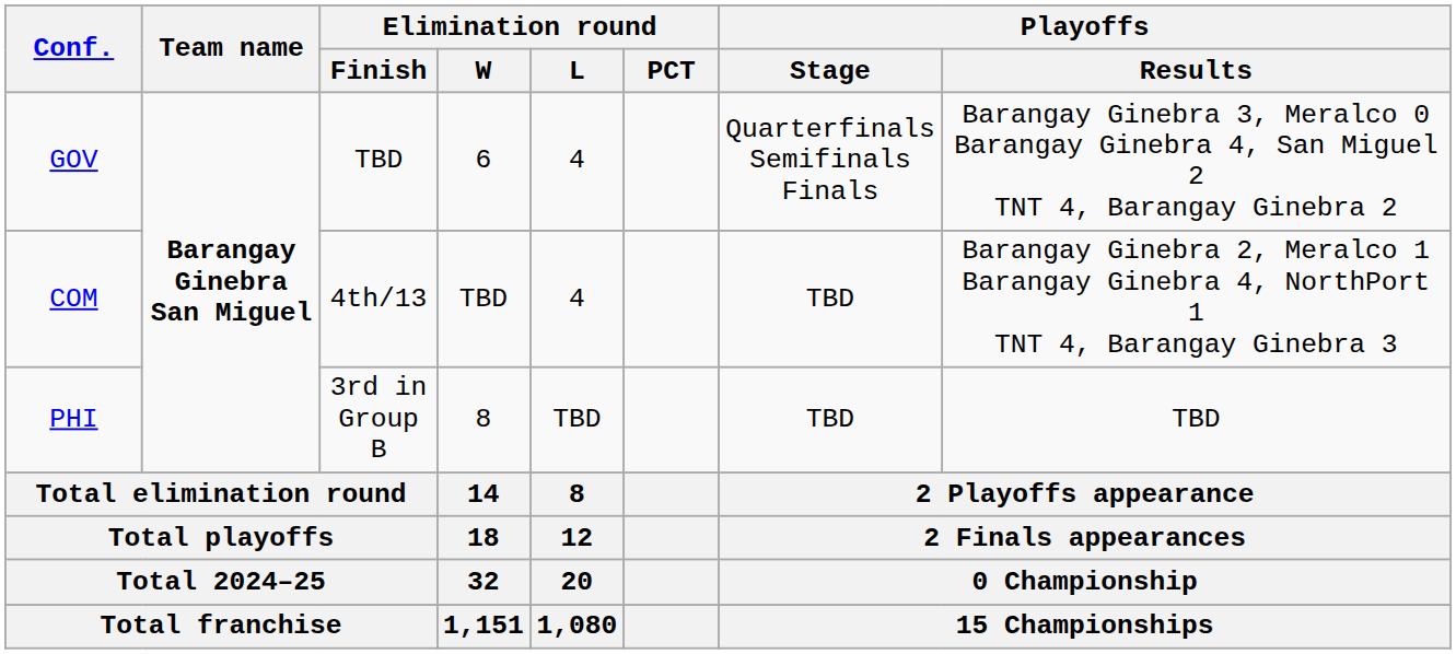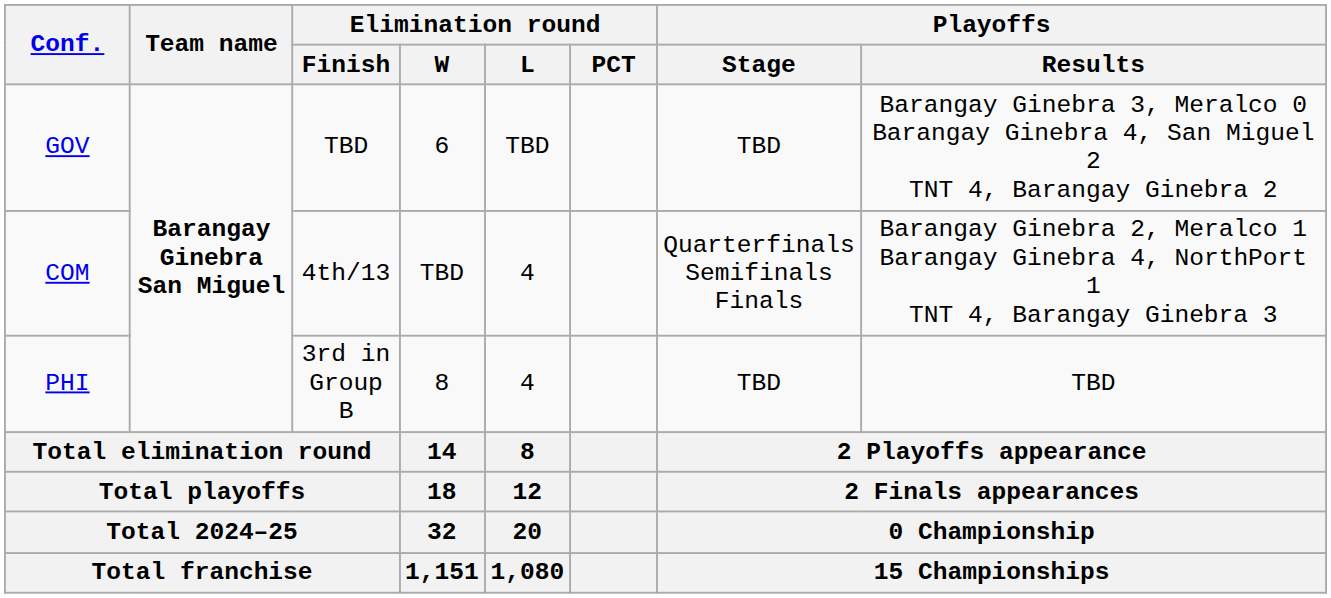 <table class=wikitable style="text-align:center;">
 <tr>
 <th style="width:60px;" rowspan="2"><a href='#'>Conf.</a></th>
 <th style="width:80px;" rowspan="2">Team name</th>
 <th colspan=4>Elimination round</th>
 <th colspan=2>Playoffs</th>
 </tr>
 <tr>
 <th width=50px>Finish</th>
 <th width=30px>W</th>
 <th width=30px>L</th>
 <th width=40px>PCT</th>
 <th style="width:100px;">Stage</th>
 <th style="width:240px;">Results</th>
 </tr>
 <tr>
 <td><a href='#'>GOV</a></td>
 <td rowspan=3><strong>Barangay Ginebra San Miguel</strong></td>
 <td>TBD</td>
 <td>6</td>
-<td>4</td>
+<td>TBD</td>
 <td></td>
-<td>Quarterfinals<br>Semifinals<br>Finals</td>
+<td>TBD</td>
 <td>Barangay Ginebra 3, Meralco 0<br>Barangay Ginebra 4, San Miguel 2<br>TNT 4, Barangay Ginebra 2</td>
 </tr>
 <tr>
 <td><a href='#'>COM</a></td>
 <td>4th/13</td>
 <td>TBD</td>
 <td>4</td>
 <td></td>
-<td>TBD</td>
+<td>Quarterfinals<br>Semifinals<br>Finals</td>
 <td>Barangay Ginebra 2, Meralco 1<br>Barangay Ginebra 4, NorthPort 1<br>TNT 4, Barangay Ginebra 3</td>
 </tr>
 <tr>
 <td><a href='#'>PHI</a></td>
 <td>3rd in Group B</td>
 <td>8</td>
-<td>TBD</td>
+<td>4</td>
 <td></td>
 <td>TBD</td>
 <td>TBD</td>
 </tr>
 <tr>
 <th colspan=3>Total elimination round</th>
 <th>14</th>
 <th>8</th>
 <th></th>
 <th colspan=2>2 Playoffs appearance</th>
 </tr>
 <tr>
 <th colspan=3>Total playoffs</th>
 <th>18</th>
 <th>12</th>
 <th></th>
 <th colspan=2>2 Finals appearances</th>
 </tr>
 <tr>
 <th colspan=3>Total 2024–25</th>
 <th>32</th>
 <th>20</th>
 <th></th>
 <th colspan=2>0 Championship</th>
 </tr>
 <tr>
 <th colspan=3>Total franchise</th>
 <th>1,151</th>
 <th>1,080</th>
 <th></th>
 <th colspan=2>15 Championships</th>
 </tr>
 </table>
